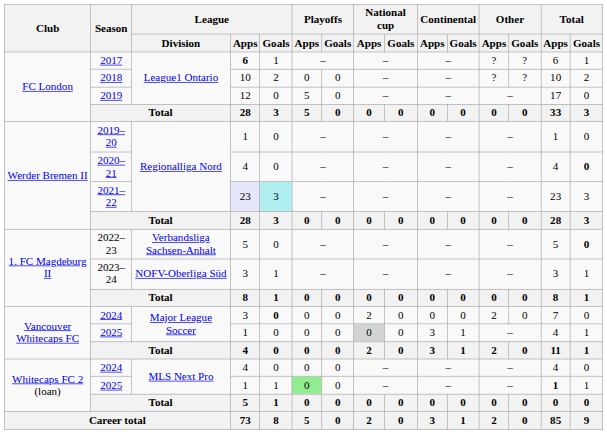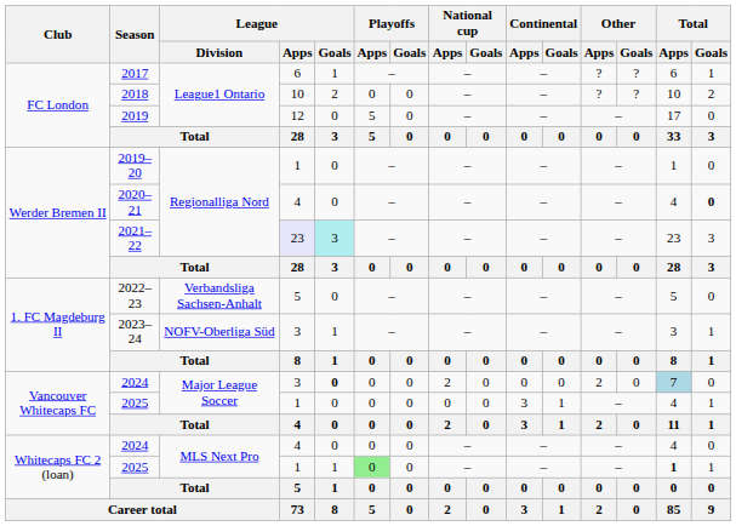 <table class="wikitable" style="text-align:center">
 <tr>
 <th rowspan="2">Club</th>
 <th rowspan="2">Season</th>
 <th colspan="3">League</th>
 <th colspan="2">Playoffs</th>
 <th colspan="2">National cup</th>
 <th colspan="2">Continental</th>
 <th colspan="2">Other</th>
 <th colspan="2">Total</th>
 </tr>
 <tr>
 <th>Division</th>
 <th>Apps</th>
 <th>Goals</th>
 <th>Apps</th>
 <th>Goals</th>
 <th>Apps</th>
 <th>Goals</th>
 <th>Apps</th>
 <th>Goals</th>
 <th>Apps</th>
 <th>Goals</th>
 <th>Apps</th>
 <th>Goals</th>
 </tr>
 <tr>
 <td rowspan="4"><a href='#'>FC London</a></td>
 <td><a href='#'>2017</a></td>
 <td rowspan=3><a href='#'>League1 Ontario</a></td>
-<td><strong>6</strong></td>
+<td>6</td>
 <td>1</td>
 <td colspan="2">–</td>
 <td colspan="2">–</td>
 <td colspan="2">–</td>
 <td>?</td>
 <td>?</td>
 <td>6</td>
 <td>1</td>
 </tr>
 <tr>
 <td><a href='#'>2018</a></td>
 <td>10</td>
 <td>2</td>
 <td>0</td>
 <td>0</td>
 <td colspan="2">–</td>
 <td colspan="2">–</td>
 <td>?</td>
 <td>?</td>
 <td>10</td>
 <td>2</td>
 </tr>
 <tr>
 <td><a href='#'>2019</a></td>
 <td>12</td>
 <td>0</td>
 <td>5</td>
 <td>0</td>
 <td colspan="2">–</td>
 <td colspan="2">–</td>
 <td colspan="2">–</td>
 <td>17</td>
 <td>0</td>
 </tr>
 <tr>
 <th colspan="2">Total</th>
 <th>28</th>
 <th>3</th>
 <th>5</th>
 <th>0</th>
 <th>0</th>
 <th>0</th>
 <th>0</th>
 <th>0</th>
 <th>0</th>
 <th>0</th>
 <th>33</th>
 <th>3</th>
 </tr>
 <tr>
 <td rowspan="4"><a href='#'>Werder Bremen II</a></td>
 <td><a href='#'>2019–20</a></td>
 <td rowspan=3><a href='#'>Regionalliga Nord</a></td>
 <td>1</td>
 <td>0</td>
 <td colspan="2">–</td>
 <td colspan="2">–</td>
 <td colspan="2">–</td>
 <td colspan="2">–</td>
 <td>1</td>
 <td>0</td>
 </tr>
 <tr>
 <td><a href='#'>2020–21</a></td>
 <td>4</td>
 <td>0</td>
 <td colspan="2">–</td>
 <td colspan="2">–</td>
 <td colspan="2">–</td>
 <td colspan="2">–</td>
 <td>4</td>
 <td><strong>0</strong></td>
 </tr>
 <tr>
 <td><a href='#'>2021–22</a></td>
 <td style="background: lavender;">23</td>
 <td style="background: paleturquoise;">3</td>
 <td colspan="2">–</td>
 <td colspan="2">–</td>
 <td colspan="2">–</td>
 <td colspan="2">–</td>
 <td>23</td>
 <td>3</td>
 </tr>
 <tr>
 <th colspan="2">Total</th>
 <th>28</th>
 <th>3</th>
 <th>0</th>
 <th>0</th>
 <th>0</th>
 <th>0</th>
 <th>0</th>
 <th>0</th>
 <th>0</th>
 <th>0</th>
 <th>28</th>
 <th>3</th>
 </tr>
 <tr>
 <td rowspan="3"><a href='#'>1. FC Magdeburg II</a></td>
 <td>2022–23</td>
 <td><a href='#'>Verbandsliga Sachsen-Anhalt</a></td>
 <td>5</td>
 <td>0</td>
 <td colspan="2">–</td>
 <td colspan="2">–</td>
 <td colspan="2">–</td>
 <td colspan="2">–</td>
 <td>5</td>
-<td><strong>0</strong></td>
+<td>0</td>
 </tr>
 <tr>
 <td>2023–24</td>
 <td><a href='#'>NOFV-Oberliga Süd</a></td>
 <td>3</td>
 <td>1</td>
 <td colspan="2">–</td>
 <td colspan="2">–</td>
 <td colspan="2">–</td>
 <td colspan="2">–</td>
 <td>3</td>
 <td>1</td>
 </tr>
 <tr>
 <th colspan="2">Total</th>
 <th>8</th>
 <th>1</th>
 <th>0</th>
 <th>0</th>
 <th>0</th>
 <th>0</th>
 <th>0</th>
 <th>0</th>
 <th>0</th>
 <th>0</th>
 <th>8</th>
 <th>1</th>
 </tr>
 <tr>
 <td rowspan="3"><a href='#'>Vancouver Whitecaps FC</a></td>
 <td><a href='#'>2024</a></td>
 <td rowspan=2><a href='#'>Major League Soccer</a></td>
 <td>3</td>
 <td><strong>0</strong></td>
 <td>0</td>
 <td>0</td>
 <td>2</td>
 <td>0</td>
 <td>0</td>
 <td>0</td>
 <td>2</td>
 <td>0</td>
-<td>7</td>
+<td style="background: lightblue;">7</td>
 <td>0</td>
 </tr>
 <tr>
 <td><a href='#'>2025</a></td>
 <td>1</td>
 <td>0</td>
 <td>0</td>
 <td>0</td>
-<td style="background: lightgrey;">0</td>
+<td>0</td>
 <td>0</td>
 <td>3</td>
 <td>1</td>
 <td colspan="2">–</td>
 <td>4</td>
 <td>1</td>
 </tr>
 <tr>
 <th colspan="2">Total</th>
 <th>4</th>
 <th>0</th>
 <th>0</th>
 <th>0</th>
 <th>2</th>
 <th>0</th>
 <th>3</th>
 <th>1</th>
 <th>2</th>
 <th>0</th>
 <th>11</th>
 <th>1</th>
 </tr>
 <tr>
 <td rowspan=3><a href='#'>Whitecaps FC 2</a> (loan)</td>
 <td><a href='#'>2024</a></td>
 <td rowspan=2><a href='#'>MLS Next Pro</a></td>
 <td>4</td>
 <td>0</td>
 <td>0</td>
 <td>0</td>
 <td colspan="2">–</td>
 <td colspan="2">–</td>
 <td colspan="2">–</td>
 <td>4</td>
 <td>0</td>
 </tr>
 <tr>
 <td><a href='#'>2025</a></td>
 <td>1</td>
 <td>1</td>
 <td style="background: lightgreen;">0</td>
 <td>0</td>
 <td colspan="2">–</td>
 <td colspan="2">–</td>
 <td colspan="2">–</td>
 <td><strong>1</strong></td>
 <td>1</td>
 </tr>
 <tr>
 <th colspan="2">Total</th>
 <th>5</th>
 <th>1</th>
 <th>0</th>
 <th>0</th>
 <th>0</th>
 <th>0</th>
 <th>0</th>
 <th>0</th>
 <th>0</th>
 <th>0</th>
 <th>0</th>
 <th>0</th>
 </tr>
 <tr>
 <th colspan="3">Career total</th>
 <th>73</th>
 <th>8</th>
 <th>5</th>
 <th>0</th>
 <th>2</th>
 <th>0</th>
 <th>3</th>
 <th>1</th>
 <th>2</th>
 <th>0</th>
 <th>85</th>
 <th>9</th>
 </tr>
 </table>
